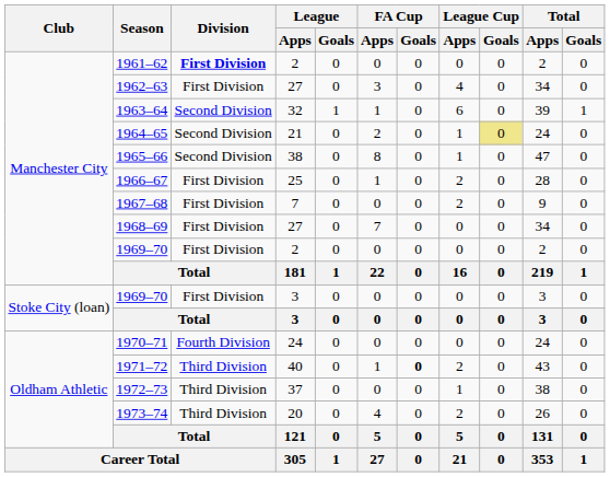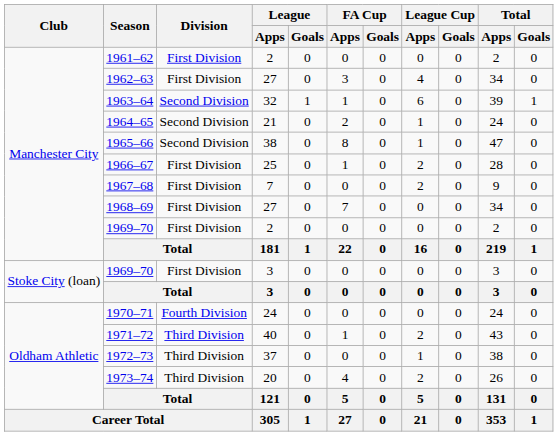 <table class="wikitable" style="text-align: center;">
 <tr>
 <th rowspan="2">Club</th>
 <th rowspan="2">Season</th>
 <th rowspan="2">Division</th>
 <th colspan="2">League</th>
 <th colspan="2">FA Cup</th>
 <th colspan="2">League Cup</th>
 <th colspan="2">Total</th>
 </tr>
 <tr>
 <th>Apps</th>
 <th>Goals</th>
 <th>Apps</th>
 <th>Goals</th>
 <th>Apps</th>
 <th>Goals</th>
 <th>Apps</th>
 <th>Goals</th>
 </tr>
 <tr>
 <td rowspan="10"><a href='#'>Manchester City</a></td>
 <td><a href='#'>1961–62</a></td>
-<td><strong><a href='#'>First Division</a></strong></td>
+<td><a href='#'>First Division</a></td>
 <td>2</td>
 <td>0</td>
 <td>0</td>
 <td>0</td>
 <td>0</td>
 <td>0</td>
 <td>2</td>
 <td>0</td>
 </tr>
 <tr>
 <td><a href='#'>1962–63</a></td>
 <td>First Division</td>
 <td>27</td>
 <td>0</td>
 <td>3</td>
 <td>0</td>
 <td>4</td>
 <td>0</td>
 <td>34</td>
 <td>0</td>
 </tr>
 <tr>
 <td><a href='#'>1963–64</a></td>
 <td><a href='#'>Second Division</a></td>
 <td>32</td>
 <td>1</td>
 <td>1</td>
 <td>0</td>
 <td>6</td>
 <td>0</td>
 <td>39</td>
 <td>1</td>
 </tr>
 <tr>
 <td><a href='#'>1964–65</a></td>
 <td>Second Division</td>
 <td>21</td>
 <td>0</td>
 <td>2</td>
 <td>0</td>
 <td>1</td>
-<td style="background: khaki;">0</td>
+<td>0</td>
 <td>24</td>
 <td>0</td>
 </tr>
 <tr>
 <td><a href='#'>1965–66</a></td>
 <td>Second Division</td>
 <td>38</td>
 <td>0</td>
 <td>8</td>
 <td>0</td>
 <td>1</td>
 <td>0</td>
 <td>47</td>
 <td>0</td>
 </tr>
 <tr>
 <td><a href='#'>1966–67</a></td>
 <td>First Division</td>
 <td>25</td>
 <td>0</td>
 <td>1</td>
 <td>0</td>
 <td>2</td>
 <td>0</td>
 <td>28</td>
 <td>0</td>
 </tr>
 <tr>
 <td><a href='#'>1967–68</a></td>
 <td>First Division</td>
 <td>7</td>
 <td>0</td>
 <td>0</td>
 <td>0</td>
 <td>2</td>
 <td>0</td>
 <td>9</td>
 <td>0</td>
 </tr>
 <tr>
 <td><a href='#'>1968–69</a></td>
 <td>First Division</td>
 <td>27</td>
 <td>0</td>
 <td>7</td>
 <td>0</td>
 <td>0</td>
 <td>0</td>
 <td>34</td>
 <td>0</td>
 </tr>
 <tr>
 <td><a href='#'>1969–70</a></td>
 <td>First Division</td>
 <td>2</td>
 <td>0</td>
 <td>0</td>
 <td>0</td>
 <td>0</td>
 <td>0</td>
 <td>2</td>
 <td>0</td>
 </tr>
 <tr>
 <th colspan="2">Total</th>
 <th>181</th>
 <th>1</th>
 <th>22</th>
 <th>0</th>
 <th>16</th>
 <th>0</th>
 <th>219</th>
 <th>1</th>
 </tr>
 <tr>
 <td rowspan="2"><a href='#'>Stoke City</a> (loan)</td>
 <td><a href='#'>1969–70</a></td>
 <td>First Division</td>
 <td>3</td>
 <td>0</td>
 <td>0</td>
 <td>0</td>
 <td>0</td>
 <td>0</td>
 <td>3</td>
 <td>0</td>
 </tr>
 <tr>
 <th colspan="2">Total</th>
 <th>3</th>
 <th>0</th>
 <th>0</th>
 <th>0</th>
 <th>0</th>
 <th>0</th>
 <th>3</th>
 <th>0</th>
 </tr>
 <tr>
 <td rowspan="5"><a href='#'>Oldham Athletic</a></td>
 <td><a href='#'>1970–71</a></td>
 <td><a href='#'>Fourth Division</a></td>
 <td>24</td>
 <td>0</td>
 <td>0</td>
 <td>0</td>
 <td>0</td>
 <td>0</td>
 <td>24</td>
 <td>0</td>
 </tr>
 <tr>
 <td><a href='#'>1971–72</a></td>
 <td><a href='#'>Third Division</a></td>
 <td>40</td>
 <td>0</td>
 <td>1</td>
-<td><strong>0</strong></td>
+<td>0</td>
 <td>2</td>
 <td>0</td>
 <td>43</td>
 <td>0</td>
 </tr>
 <tr>
 <td><a href='#'>1972–73</a></td>
 <td>Third Division</td>
 <td>37</td>
 <td>0</td>
 <td>0</td>
 <td>0</td>
 <td>1</td>
 <td>0</td>
 <td>38</td>
 <td>0</td>
 </tr>
 <tr>
 <td><a href='#'>1973–74</a></td>
 <td>Third Division</td>
 <td>20</td>
 <td>0</td>
 <td>4</td>
 <td>0</td>
 <td>2</td>
 <td>0</td>
 <td>26</td>
 <td>0</td>
 </tr>
 <tr>
 <th colspan="2">Total</th>
 <th>121</th>
 <th>0</th>
 <th>5</th>
 <th>0</th>
 <th>5</th>
 <th>0</th>
 <th>131</th>
 <th>0</th>
 </tr>
 <tr>
 <th colspan="3">Career Total</th>
 <th>305</th>
 <th>1</th>
 <th>27</th>
 <th>0</th>
 <th>21</th>
 <th>0</th>
 <th>353</th>
 <th>1</th>
 </tr>
 </table>
